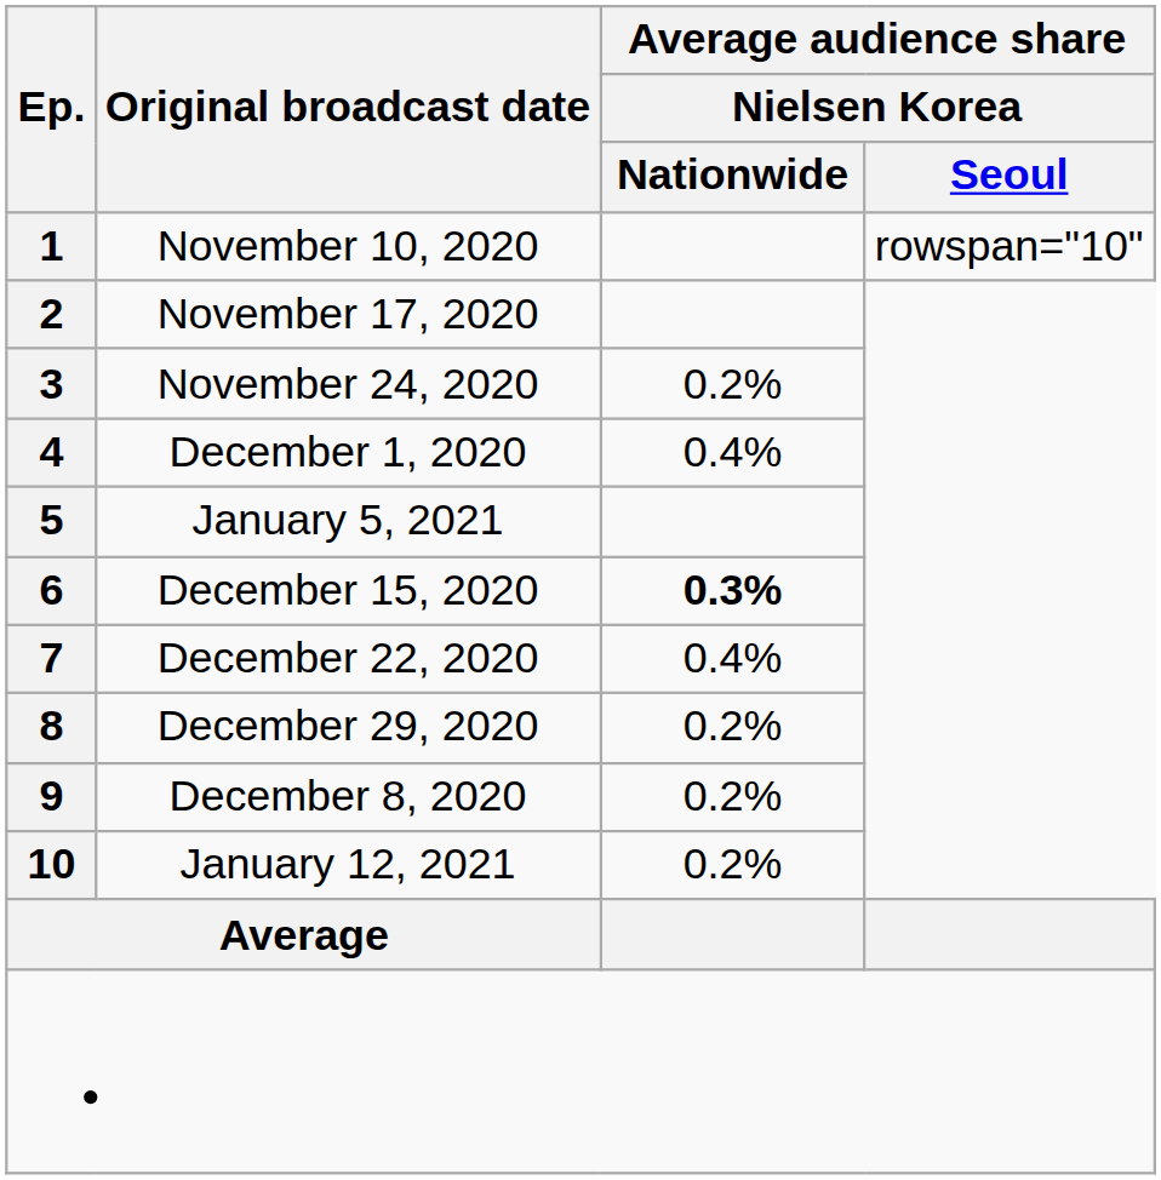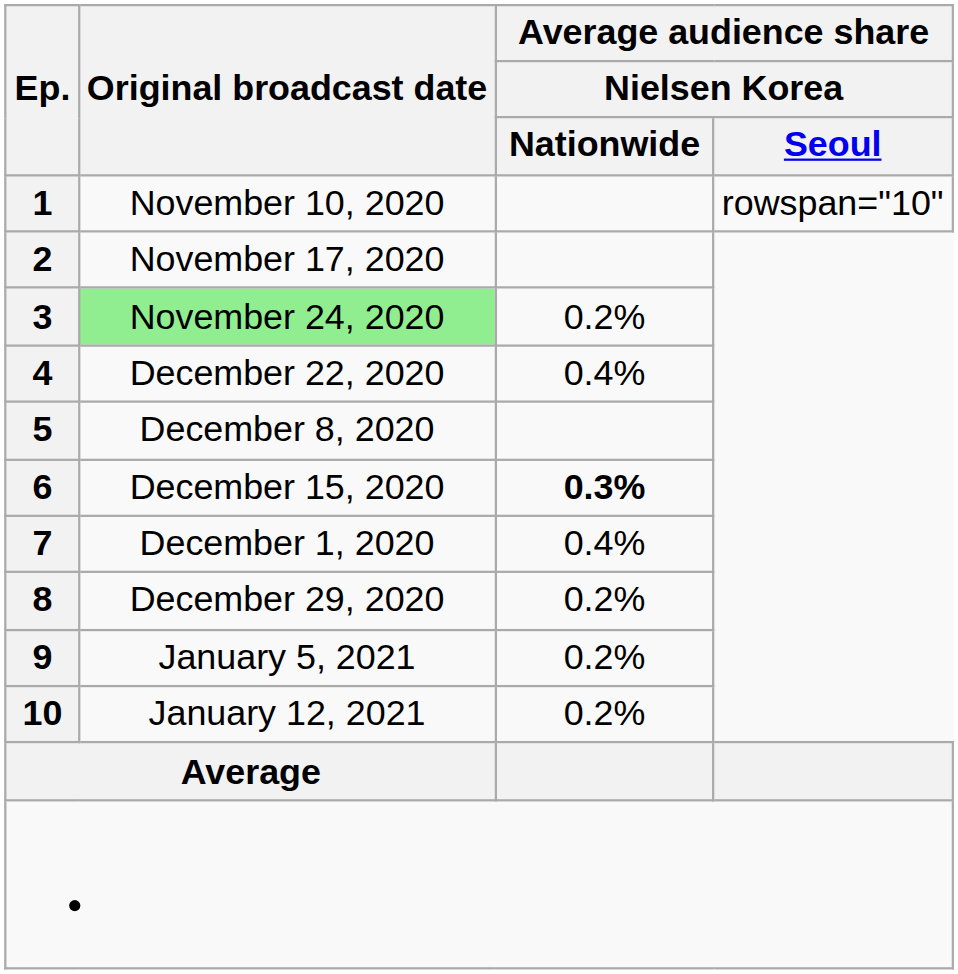 <table class="wikitable" style="text-align:center;max-width:600px; margin-left: auto; margin-right: auto; border: none;">
 <tr>
 </tr>
 <tr>
 <th rowspan="3">Ep.</th>
 <th rowspan="3">Original broadcast date</th>
 <th colspan="2">Average audience share</th>
 </tr>
 <tr>
 <th colspan="2">Nielsen Korea</th>
 </tr>
 <tr>
 <th width="90">Nationwide</th>
 <th width="90"><a href='#'>Seoul</a></th>
 </tr>
 <tr>
 <th rowspan="1">1</th>
 <td rowspan="1">November 10, 2020</td>
 <td></td>
 <td>rowspan="10" </td>
 </tr>
 <tr>
 <th rowspan="1">2</th>
 <td rowspan="1">November 17, 2020</td>
 <td></td>
 </tr>
 <tr>
 <th rowspan="1">3</th>
-<td rowspan="1">November 24, 2020</td>
+<td rowspan="1" style="background: lightgreen;">November 24, 2020</td>
 <td>0.2%</td>
 </tr>
 <tr>
 <th>4</th>
-<td>December 1, 2020</td>
+<td>December 22, 2020</td>
 <td>0.4%</td>
 </tr>
 <tr>
 <th rowspan="1">5</th>
-<td>January 5, 2021</td>
+<td rowspan="1">December 8, 2020</td>
 <td></td>
 </tr>
 <tr>
 <th>6</th>
 <td>December 15, 2020</td>
 <td><strong>0.3%</strong></td>
 </tr>
 <tr>
 <th>7</th>
-<td>December 22, 2020</td>
+<td>December 1, 2020</td>
 <td>0.4%</td>
 </tr>
 <tr>
 <th>8</th>
 <td>December 29, 2020</td>
 <td>0.2%</td>
 </tr>
 <tr>
 <th>9</th>
-<td rowspan="1">December 8, 2020</td>
+<td>January 5, 2021</td>
 <td>0.2%</td>
 </tr>
 <tr>
 <th>10</th>
 <td>January 12, 2021</td>
 <td>0.2%</td>
 </tr>
 <tr>
 <th colspan="2">Average</th>
 <th></th>
 <th></th>
 </tr>
 <tr>
 <td colspan="5"><br><ul><li></li></ul></td>
 </tr>
 </table>
